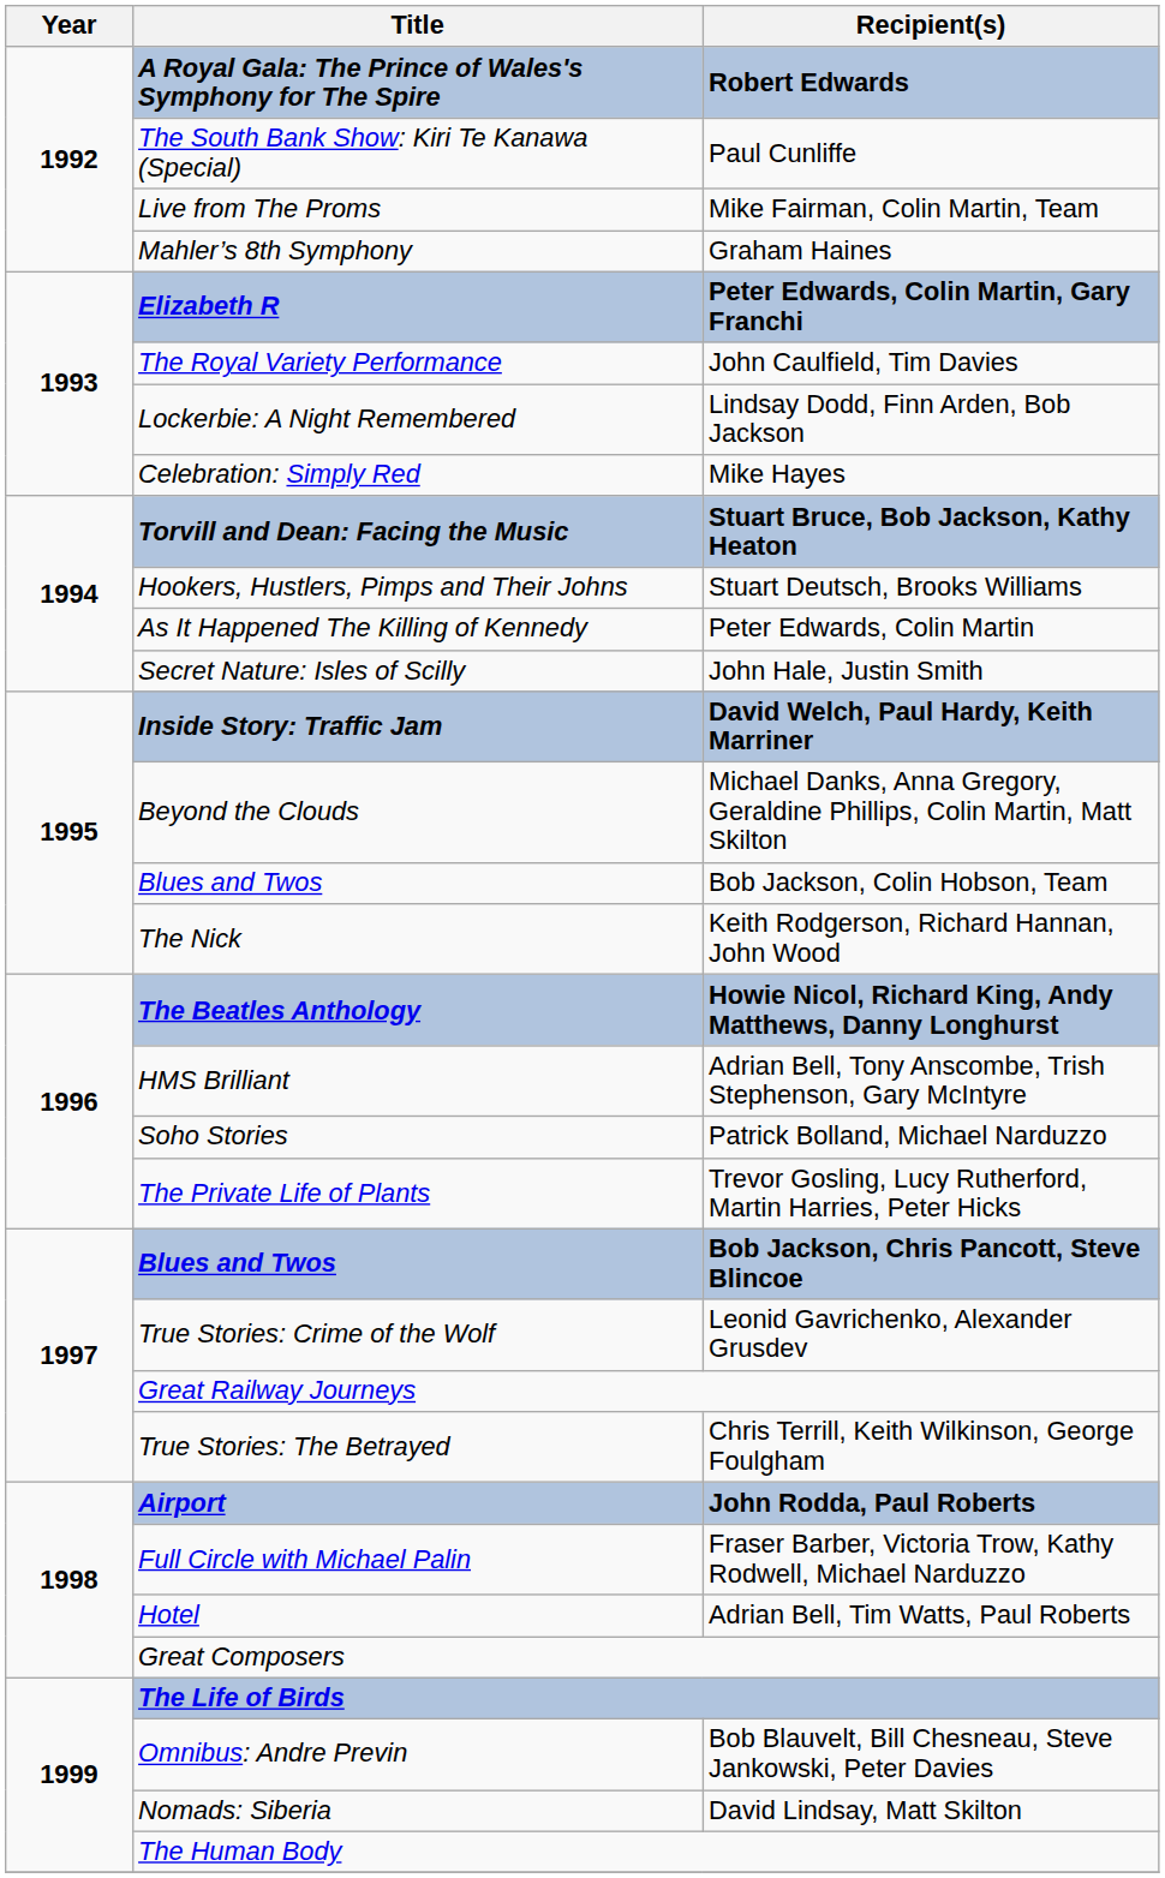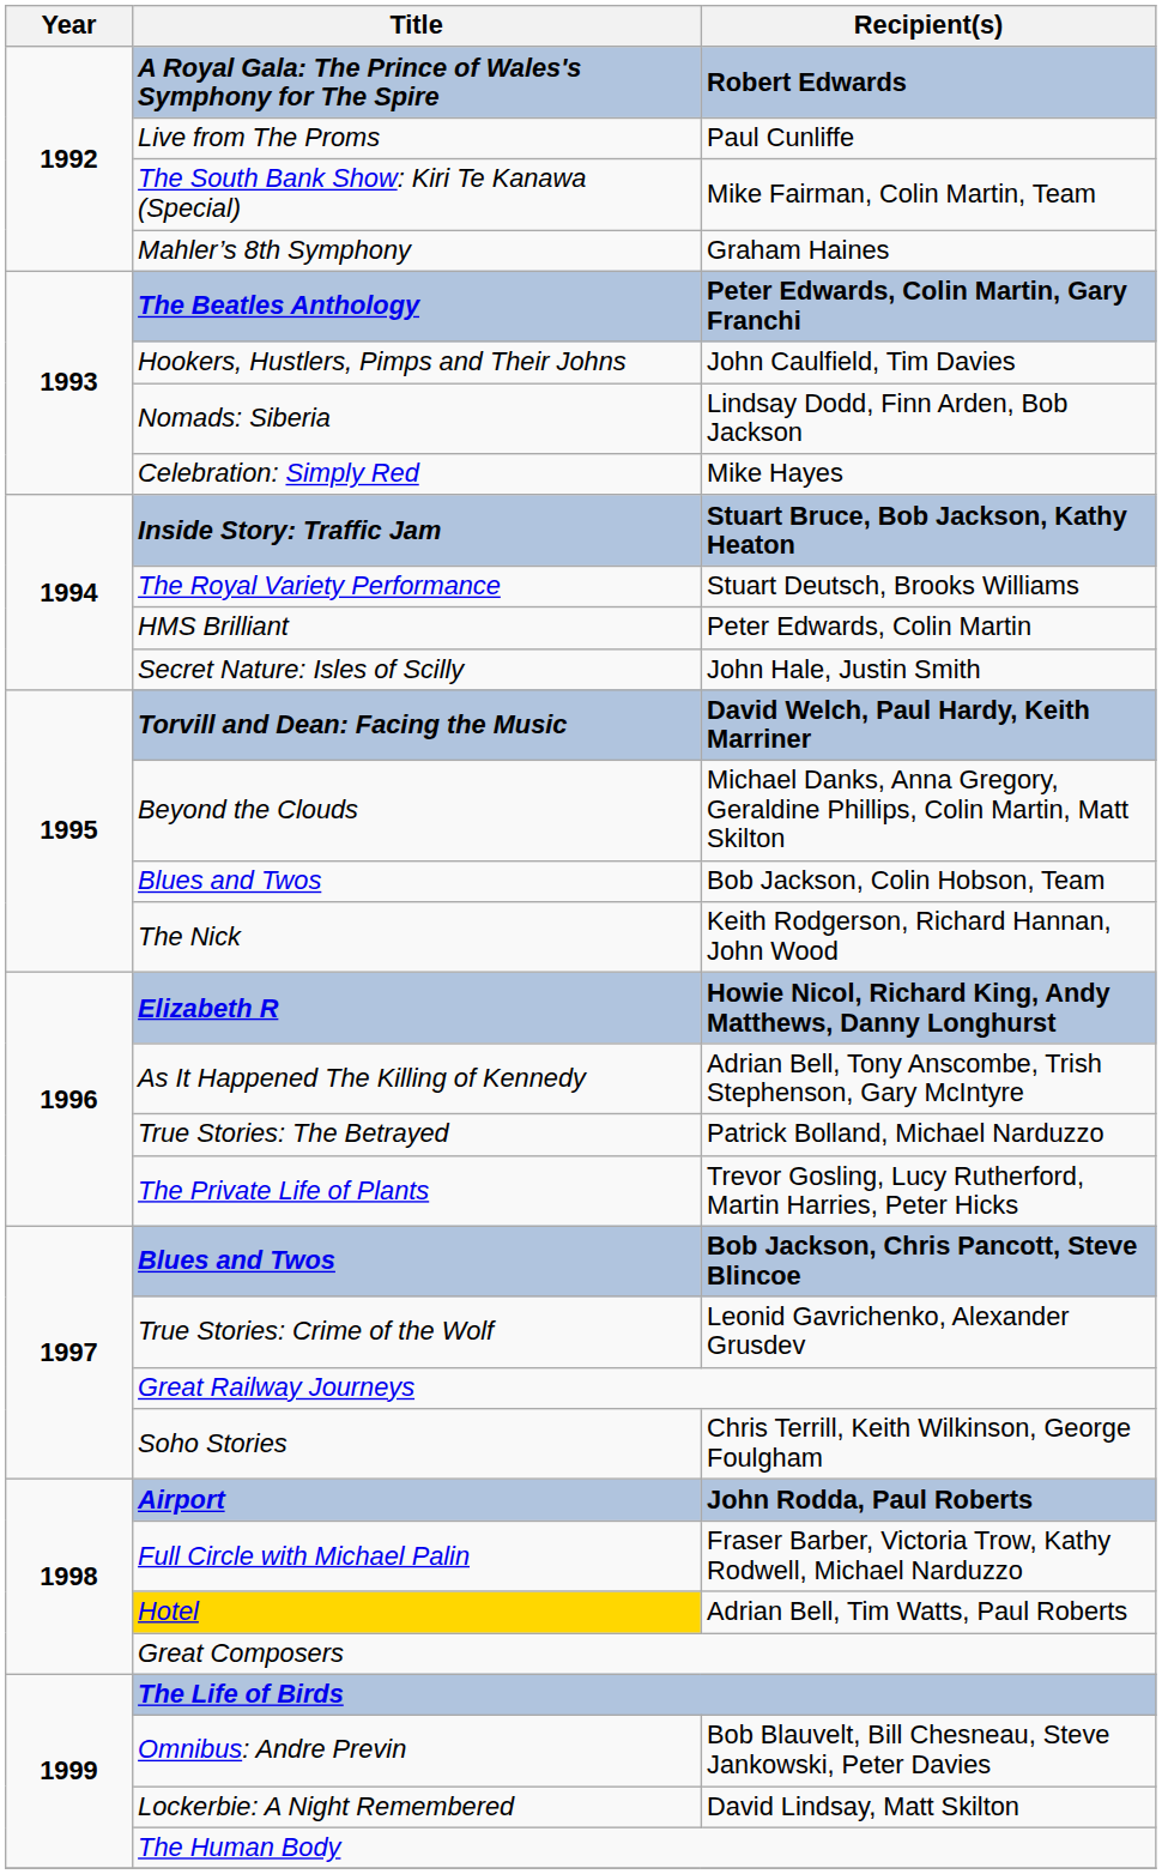 <table class="wikitable" width="80%">
 <tr>
 <th width=5%>Year</th>
 <th width=25%><strong>Title</strong></th>
 <th width=20%><strong>Recipient(s)</strong></th>
 </tr>
 <tr>
 <td rowspan="4" style="text-align:center;"><strong>1992</strong></td>
 <td style="background:#B0C4DE;"><strong><em>A Royal Gala: The Prince of Wales's Symphony for The Spire</em></strong></td>
 <td style="background:#B0C4DE;"><strong>Robert Edwards</strong></td>
 </tr>
 <tr>
-<td><em><a href='#'>The South Bank Show</a>: Kiri Te Kanawa (Special)</em></td>
+<td><em>Live from The Proms</em></td>
 <td>Paul Cunliffe</td>
 </tr>
 <tr>
-<td><em>Live from The Proms</em></td>
+<td><em><a href='#'>The South Bank Show</a>: Kiri Te Kanawa (Special)</em></td>
 <td>Mike Fairman, Colin Martin, Team</td>
 </tr>
 <tr>
 <td><em>Mahler’s 8th Symphony</em></td>
 <td>Graham Haines</td>
 </tr>
 <tr>
 <td rowspan="4" style="text-align:center;"><strong>1993</strong></td>
-<td style="background:#B0C4DE;"><strong><em><a href='#'>Elizabeth R</a></em></strong></td>
+<td style="background:#B0C4DE;"><strong><em><a href='#'>The Beatles Anthology</a></em></strong></td>
 <td style="background:#B0C4DE;"><strong>Peter Edwards, Colin Martin, Gary Franchi</strong></td>
 </tr>
 <tr>
-<td><em><a href='#'>The Royal Variety Performance</a></em></td>
+<td><em>Hookers, Hustlers, Pimps and Their Johns</em></td>
 <td>John Caulfield, Tim Davies</td>
 </tr>
 <tr>
-<td><em>Lockerbie: A Night Remembered</em></td>
+<td><em>Nomads: Siberia</em></td>
 <td>Lindsay Dodd, Finn Arden, Bob Jackson</td>
 </tr>
 <tr>
 <td><em>Celebration: <a href='#'>Simply Red</a></em></td>
 <td>Mike Hayes</td>
 </tr>
 <tr>
 <td rowspan="4" style="text-align:center;"><strong>1994</strong></td>
-<td style="background:#B0C4DE;"><strong><em>Torvill and Dean: Facing the Music</em></strong></td>
+<td style="background:#B0C4DE;"><strong><em>Inside Story: Traffic Jam</em></strong></td>
 <td style="background:#B0C4DE;"><strong>Stuart Bruce, Bob Jackson, Kathy Heaton</strong></td>
 </tr>
 <tr>
-<td><em>Hookers, Hustlers, Pimps and Their Johns</em></td>
+<td><em><a href='#'>The Royal Variety Performance</a></em></td>
 <td>Stuart Deutsch, Brooks Williams</td>
 </tr>
 <tr>
-<td><em>As It Happened The Killing of Kennedy</em></td>
+<td><em>HMS Brilliant</em></td>
 <td>Peter Edwards, Colin Martin</td>
 </tr>
 <tr>
 <td><em>Secret Nature: Isles of Scilly</em></td>
 <td>John Hale, Justin Smith</td>
 </tr>
 <tr>
 <td rowspan="4" style="text-align:center;"><strong>1995</strong></td>
-<td style="background:#B0C4DE;"><strong><em>Inside Story: Traffic Jam</em></strong></td>
+<td style="background:#B0C4DE;"><strong><em>Torvill and Dean: Facing the Music</em></strong></td>
 <td style="background:#B0C4DE;"><strong>David Welch, Paul Hardy, Keith Marriner</strong></td>
 </tr>
 <tr>
 <td><em>Beyond the Clouds</em></td>
 <td>Michael Danks, Anna Gregory, Geraldine Phillips, Colin Martin, Matt Skilton</td>
 </tr>
 <tr>
 <td><em><a href='#'>Blues and Twos</a></em></td>
 <td>Bob Jackson, Colin Hobson, Team</td>
 </tr>
 <tr>
 <td><em>The Nick</em></td>
 <td>Keith Rodgerson, Richard Hannan, John Wood</td>
 </tr>
 <tr>
 <td rowspan="4" style="text-align:center;"><strong>1996</strong></td>
-<td style="background:#B0C4DE;"><strong><em><a href='#'>The Beatles Anthology</a></em></strong></td>
+<td style="background:#B0C4DE;"><strong><em><a href='#'>Elizabeth R</a></em></strong></td>
 <td style="background:#B0C4DE;"><strong>Howie Nicol, Richard King, Andy Matthews, Danny Longhurst</strong></td>
 </tr>
 <tr>
-<td><em>HMS Brilliant</em></td>
+<td><em>As It Happened The Killing of Kennedy</em></td>
 <td>Adrian Bell, Tony Anscombe, Trish Stephenson, Gary McIntyre</td>
 </tr>
 <tr>
-<td><em>Soho Stories</em></td>
+<td><em>True Stories: The Betrayed</em></td>
 <td>Patrick Bolland, Michael Narduzzo</td>
 </tr>
 <tr>
 <td><em><a href='#'>The Private Life of Plants</a></em></td>
 <td>Trevor Gosling, Lucy Rutherford, Martin Harries, Peter Hicks</td>
 </tr>
 <tr>
 <td rowspan="4" style="text-align:center;"><strong>1997</strong></td>
 <td style="background:#B0C4DE;"><strong><em><a href='#'>Blues and Twos</a></em></strong></td>
 <td style="background:#B0C4DE;"><strong>Bob Jackson, Chris Pancott, Steve Blincoe</strong></td>
 </tr>
 <tr>
 <td><em>True Stories: Crime of the Wolf</em></td>
 <td>Leonid Gavrichenko, Alexander Grusdev</td>
 </tr>
 <tr>
 <td colspan="2"><em><a href='#'>Great Railway Journeys</a></em></td>
 </tr>
 <tr>
-<td><em>True Stories: The Betrayed</em></td>
+<td><em>Soho Stories</em></td>
 <td>Chris Terrill, Keith Wilkinson, George Foulgham</td>
 </tr>
 <tr>
 <td rowspan="4" style="text-align:center;"><strong>1998</strong></td>
 <td style="background:#B0C4DE;"><strong><em><a href='#'>Airport</a></em></strong></td>
 <td style="background:#B0C4DE;"><strong>John Rodda, Paul Roberts</strong></td>
 </tr>
 <tr>
 <td><em><a href='#'>Full Circle with Michael Palin</a></em></td>
 <td>Fraser Barber, Victoria Trow, Kathy Rodwell, Michael Narduzzo</td>
 </tr>
 <tr>
-<td><em><a href='#'>Hotel</a></em></td>
+<td style="background: gold;"><em><a href='#'>Hotel</a></em></td>
 <td>Adrian Bell, Tim Watts, Paul Roberts</td>
 </tr>
 <tr>
 <td colspan="2"><em>Great Composers</em></td>
 </tr>
 <tr>
 <td rowspan="4" style="text-align:center;"><strong>1999</strong></td>
 <td colspan="2" style="background:#B0C4DE;"><strong><em><a href='#'>The Life of Birds</a></em></strong></td>
 </tr>
 <tr>
 <td><em><a href='#'>Omnibus</a>: Andre Previn</em></td>
 <td>Bob Blauvelt, Bill Chesneau, Steve Jankowski, Peter Davies</td>
 </tr>
 <tr>
-<td><em>Nomads: Siberia</em></td>
+<td><em>Lockerbie: A Night Remembered</em></td>
 <td>David Lindsay, Matt Skilton</td>
 </tr>
 <tr>
 <td colspan="2"><em><a href='#'>The Human Body</a></em></td>
 </tr>
 <tr>
 </tr>
 </table>
